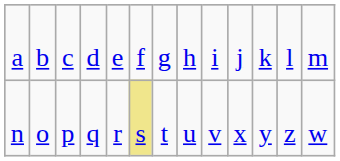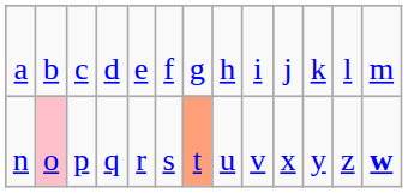 <table class="wikitable" style="line-height: 1.2">
 <tr align=center>
 <td> <br> <a href='#'>a</a></td>
 <td> <br> <a href='#'>b</a></td>
 <td> <br> <a href='#'>c</a></td>
 <td> <br> <a href='#'>d</a></td>
 <td> <br> <a href='#'>e</a></td>
 <td> <br> <a href='#'>f</a></td>
 <td> <br> <a href='#'>g</a></td>
 <td> <br> <a href='#'>h</a></td>
 <td> <br> <a href='#'>i</a></td>
 <td> <br> <a href='#'>j</a></td>
 <td> <br> <a href='#'>k</a></td>
 <td> <br> <a href='#'>l</a></td>
 <td> <br> <a href='#'>m</a></td>
 </tr>
 <tr align=center>
 <td> <br> <a href='#'>n</a></td>
-<td> <br> <a href='#'>o</a></td>
+<td style="background: pink;"> <br> <a href='#'>o</a></td>
 <td> <br> <a href='#'>p</a></td>
 <td> <br> <a href='#'>q</a></td>
 <td> <br> <a href='#'>r</a></td>
-<td style="background: khaki;"> <br> <a href='#'>s</a></td>
-<td> <br> <a href='#'>t</a></td>
+<td> <br> <a href='#'>s</a></td>
+<td style="background: lightsalmon;"> <br> <a href='#'>t</a></td>
 <td> <br> <a href='#'>u</a></td>
 <td> <br> <a href='#'>v</a></td>
 <td> <br> <a href='#'>x</a></td>
 <td> <br> <a href='#'>y</a></td>
 <td> <br> <a href='#'>z</a></td>
-<td> <br> <a href='#'>w</a></td>
+<td><strong> <br> <a href='#'>w</a></strong></td>
 </tr>
 </table>
